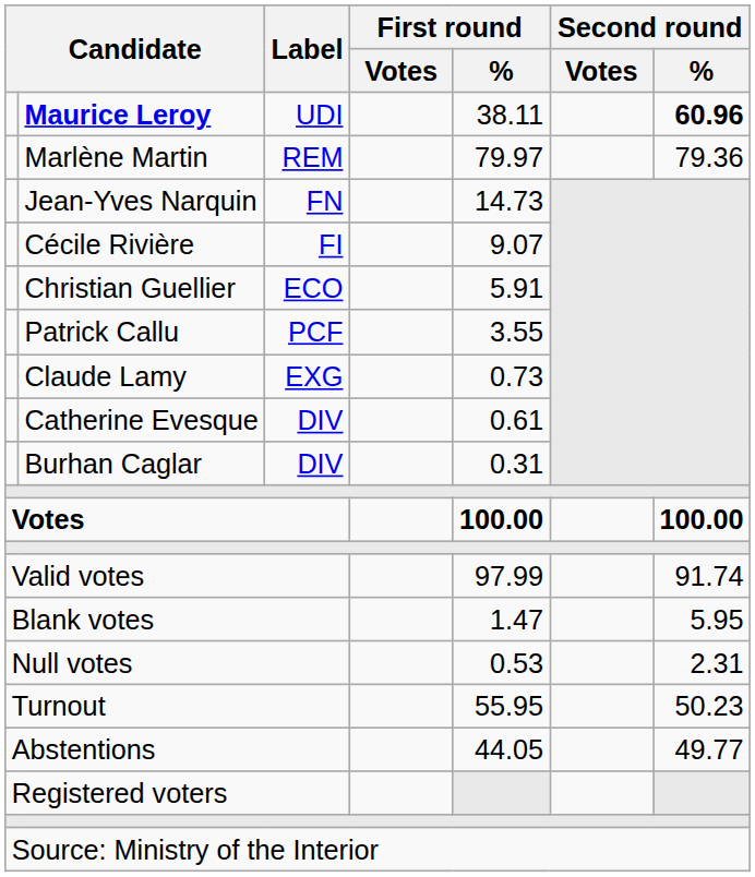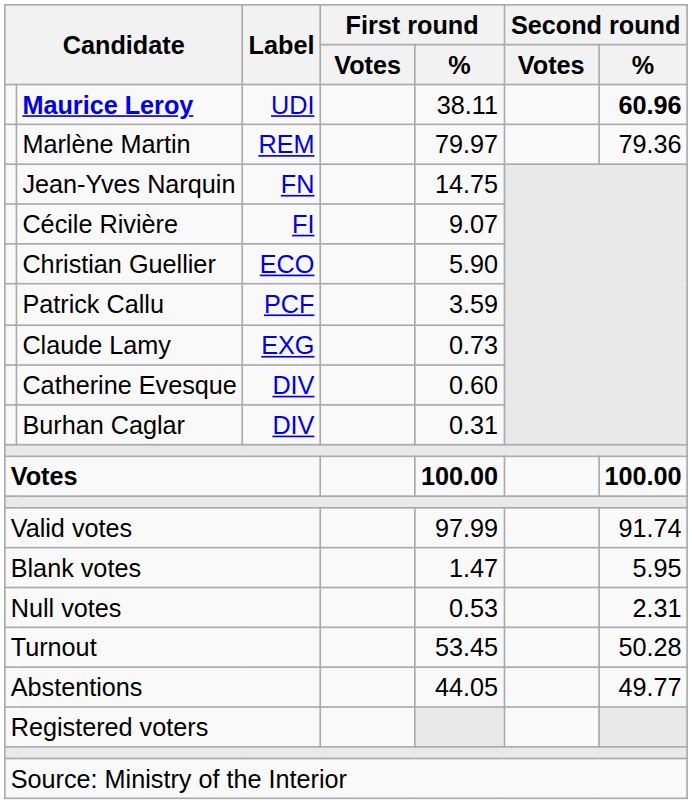 <table class="wikitable" style="text-align:right;font-size:95%;">
 <tr>
 <th rowspan="2" colspan="2">Candidate</th>
 <th rowspan="2">Label</th>
 <th colspan="2">First round</th>
 <th colspan="2">Second round</th>
 </tr>
 <tr>
 <th style="width:50px;">Votes</th>
 <th style="width:45px;">%</th>
 <th style="width:50px;">Votes</th>
 <th style="width:45px;">%</th>
 </tr>
 <tr>
 <td style="color:inherit;background:"></td>
 <td style="text-align:left;"><strong><a href='#'>Maurice Leroy</a></strong></td>
 <td><a href='#'>UDI</a></td>
 <td></td>
 <td>38.11</td>
 <td><strong></strong></td>
 <td><strong>60.96</strong></td>
 </tr>
 <tr>
 <td style="color:inherit;background:"></td>
 <td style="text-align:left;">Marlène Martin</td>
 <td><a href='#'>REM</a></td>
 <td></td>
 <td>79.97</td>
 <td></td>
 <td>79.36</td>
 </tr>
 <tr>
 <td style="color:inherit;background:"></td>
 <td style="text-align:left;">Jean-Yves Narquin</td>
 <td><a href='#'>FN</a></td>
 <td></td>
-<td>14.73</td>
+<td>14.75</td>
 <td colspan="2" rowspan="7" style="background:#E9E9E9;"></td>
 </tr>
 <tr>
 <td style="color:inherit;background:"></td>
 <td style="text-align:left;">Cécile Rivière</td>
 <td><a href='#'>FI</a></td>
 <td></td>
 <td>9.07</td>
 </tr>
 <tr>
 <td style="color:inherit;background:"></td>
 <td style="text-align:left;">Christian Guellier</td>
 <td><a href='#'>ECO</a></td>
 <td></td>
-<td>5.91</td>
+<td>5.90</td>
 </tr>
 <tr>
 <td style="color:inherit;background:"></td>
 <td style="text-align:left;">Patrick Callu</td>
 <td><a href='#'>PCF</a></td>
 <td></td>
-<td>3.55</td>
+<td>3.59</td>
 </tr>
 <tr>
 <td style="color:inherit;background:"></td>
 <td style="text-align:left;">Claude Lamy</td>
 <td><a href='#'>EXG</a></td>
 <td></td>
 <td>0.73</td>
 </tr>
 <tr>
 <td style="color:inherit;background:"></td>
 <td style="text-align:left;">Catherine Evesque</td>
 <td><a href='#'>DIV</a></td>
 <td></td>
-<td>0.61</td>
+<td>0.60</td>
 </tr>
 <tr>
 <td style="color:inherit;background:"></td>
 <td style="text-align:left;">Burhan Caglar</td>
 <td><a href='#'>DIV</a></td>
 <td></td>
 <td>0.31</td>
 </tr>
 <tr>
 <td colspan="7" style="background:#E9E9E9;"></td>
 </tr>
 <tr style="font-weight:bold;">
 <td colspan="3" style="text-align:left;">Votes</td>
 <td></td>
 <td>100.00</td>
 <td></td>
 <td>100.00</td>
 </tr>
 <tr>
 <td colspan="7" style="background:#E9E9E9;"></td>
 </tr>
 <tr>
 <td colspan="3" style="text-align:left;">Valid votes</td>
 <td></td>
 <td>97.99</td>
 <td></td>
 <td>91.74</td>
 </tr>
 <tr>
 <td colspan="3" style="text-align:left;">Blank votes</td>
 <td></td>
 <td>1.47</td>
 <td></td>
 <td>5.95</td>
 </tr>
 <tr>
 <td colspan="3" style="text-align:left;">Null votes</td>
 <td></td>
 <td>0.53</td>
 <td></td>
 <td>2.31</td>
 </tr>
 <tr>
 <td colspan="3" style="text-align:left;">Turnout</td>
 <td></td>
-<td>55.95</td>
+<td>53.45</td>
 <td></td>
-<td>50.23</td>
+<td>50.28</td>
 </tr>
 <tr>
 <td colspan="3" style="text-align:left;">Abstentions</td>
 <td></td>
 <td>44.05</td>
 <td></td>
 <td>49.77</td>
 </tr>
 <tr>
 <td colspan="3" style="text-align:left;">Registered voters</td>
 <td></td>
 <td style="color:inherit;background:#E9E9E9;"></td>
 <td></td>
 <td style="color:inherit;background:#E9E9E9;"></td>
 </tr>
 <tr>
 <td colspan="7" style="background:#E9E9E9;"></td>
 </tr>
 <tr>
 <td colspan="7" style="text-align:left;">Source: Ministry of the Interior</td>
 </tr>
 </table>
